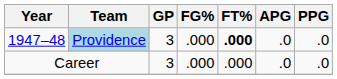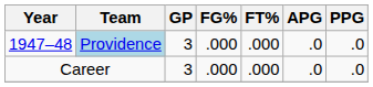 <table class="wikitable sortable" style="font-size:95%; text-align:right;">
 <tr>
 <th>Year</th>
 <th>Team</th>
 <th>GP</th>
 <th>FG%</th>
 <th>FT%</th>
 <th>APG</th>
 <th>PPG</th>
 </tr>
 <tr>
 <td style="text-align:left;"><a href='#'>1947–48</a></td>
 <td style="background: lightblue; text-align:left;"><a href='#'>Providence</a></td>
 <td>3</td>
 <td>.000</td>
-<td><strong>.000</strong></td>
+<td>.000</td>
 <td>.0</td>
 <td>.0</td>
 </tr>
 <tr>
 <td style="text-align:center;" colspan="2">Career</td>
 <td>3</td>
 <td>.000</td>
 <td>.000</td>
 <td>.0</td>
 <td>.0</td>
 </tr>
 <tr>
 </tr>
 </table>
